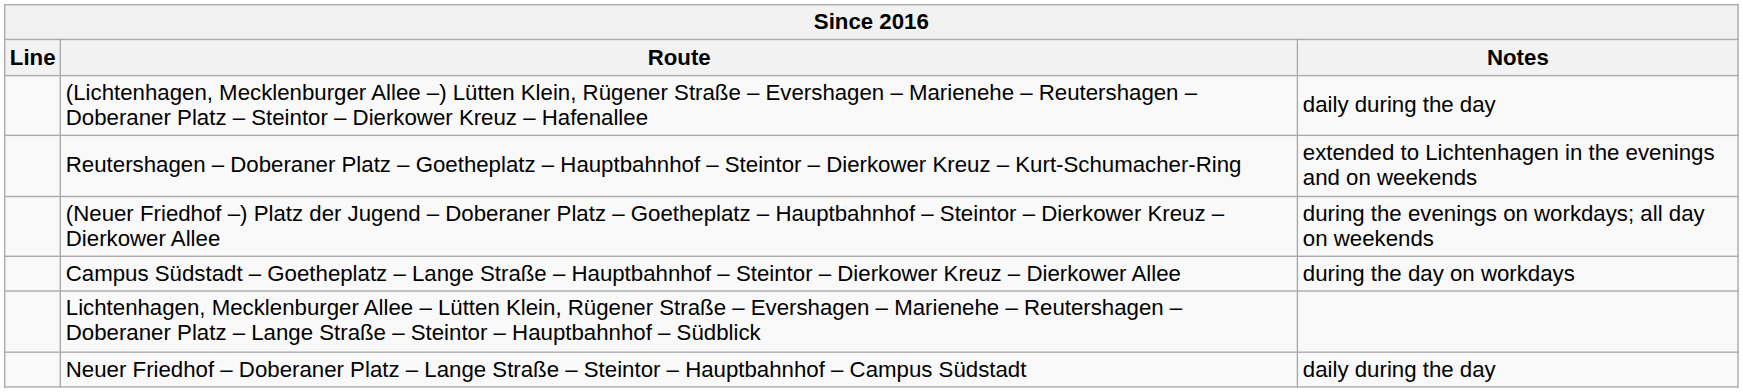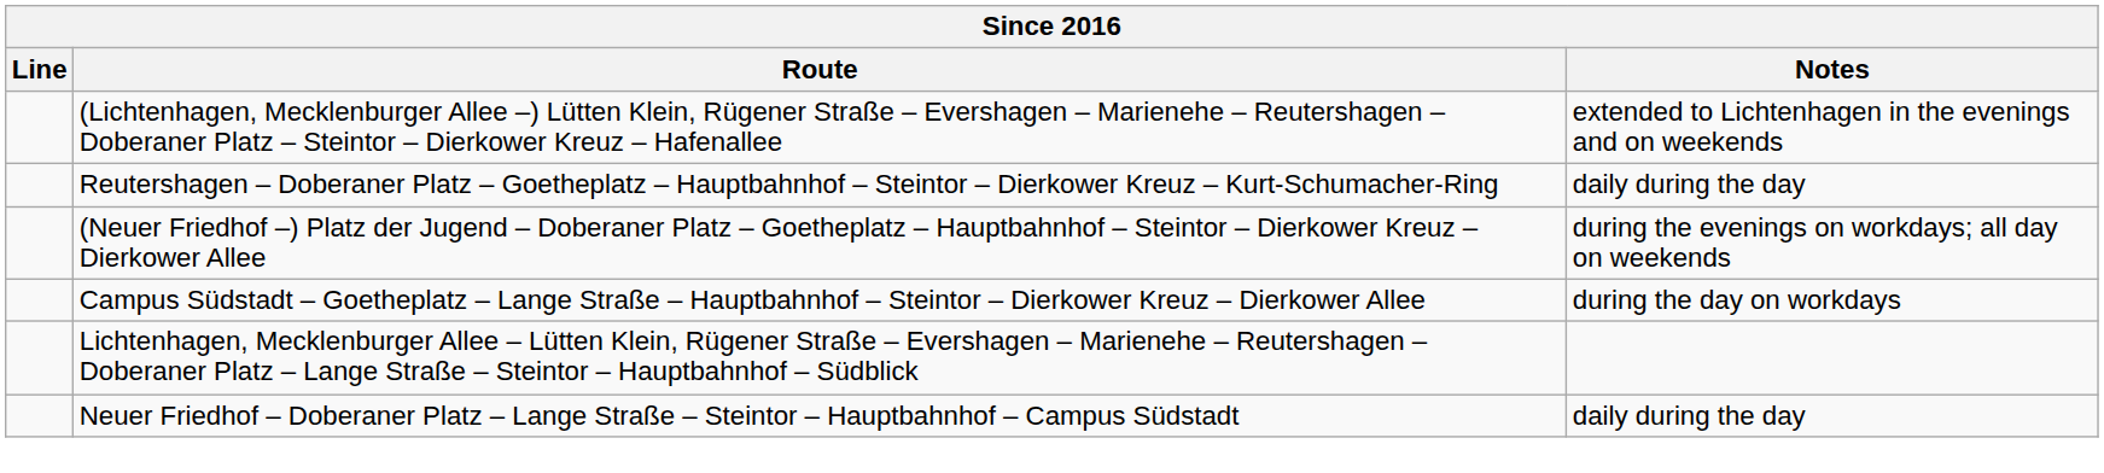 <table class="wikitable">
 <tr class="backgroundcolor5">
 <th colspan="3">Since 2016</th>
 </tr>
 <tr class="hintergrundfarbe6">
 <th>Line</th>
 <th>Route</th>
 <th>Notes</th>
 </tr>
 <tr>
 <td align=center></td>
 <td>(Lichtenhagen, Mecklenburger Allee –) Lütten Klein, Rügener Straße – Evershagen – Marienehe – Reutershagen – Doberaner Platz – Steintor – Dierkower Kreuz – Hafenallee</td>
-<td>daily during the day</td>
+<td>extended to Lichtenhagen in the evenings and on weekends</td>
 </tr>
 <tr>
 <td align=center></td>
 <td>Reutershagen – Doberaner Platz – Goetheplatz – Hauptbahnhof – Steintor – Dierkower Kreuz – Kurt-Schumacher-Ring</td>
-<td>extended to Lichtenhagen in the evenings and on weekends</td>
+<td>daily during the day</td>
 </tr>
 <tr>
 <td align=center></td>
 <td>(Neuer Friedhof –) Platz der Jugend – Doberaner Platz – Goetheplatz – Hauptbahnhof – Steintor – Dierkower Kreuz – Dierkower Allee</td>
 <td>during the evenings on workdays; all day on weekends</td>
 </tr>
 <tr>
 <td align=center></td>
 <td>Campus Südstadt – Goetheplatz – Lange Straße – Hauptbahnhof – Steintor – Dierkower Kreuz – Dierkower Allee</td>
 <td>during the day on workdays</td>
 </tr>
 <tr>
 <td align=center></td>
 <td>Lichtenhagen, Mecklenburger Allee – Lütten Klein, Rügener Straße – Evershagen – Marienehe – Reutershagen – Doberaner Platz – Lange Straße – Steintor – Hauptbahnhof – Südblick</td>
 <td></td>
 </tr>
 <tr>
 <td align=center></td>
 <td>Neuer Friedhof – Doberaner Platz – Lange Straße – Steintor – Hauptbahnhof – Campus Südstadt</td>
 <td>daily during the day</td>
 </tr>
 </table>
